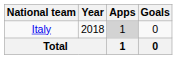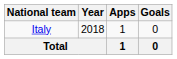 <table class="wikitable" style="text-align:center">
 <tr>
 <th>National team</th>
 <th>Year</th>
 <th>Apps</th>
 <th>Goals</th>
 </tr>
 <tr>
 <td><a href='#'>Italy</a></td>
 <td>2018</td>
-<td style="background: lightgrey;">1</td>
+<td>1</td>
 <td>0</td>
 </tr>
 <tr>
 <th colspan="2">Total</th>
 <th>1</th>
 <th>0</th>
 </tr>
 </table>
